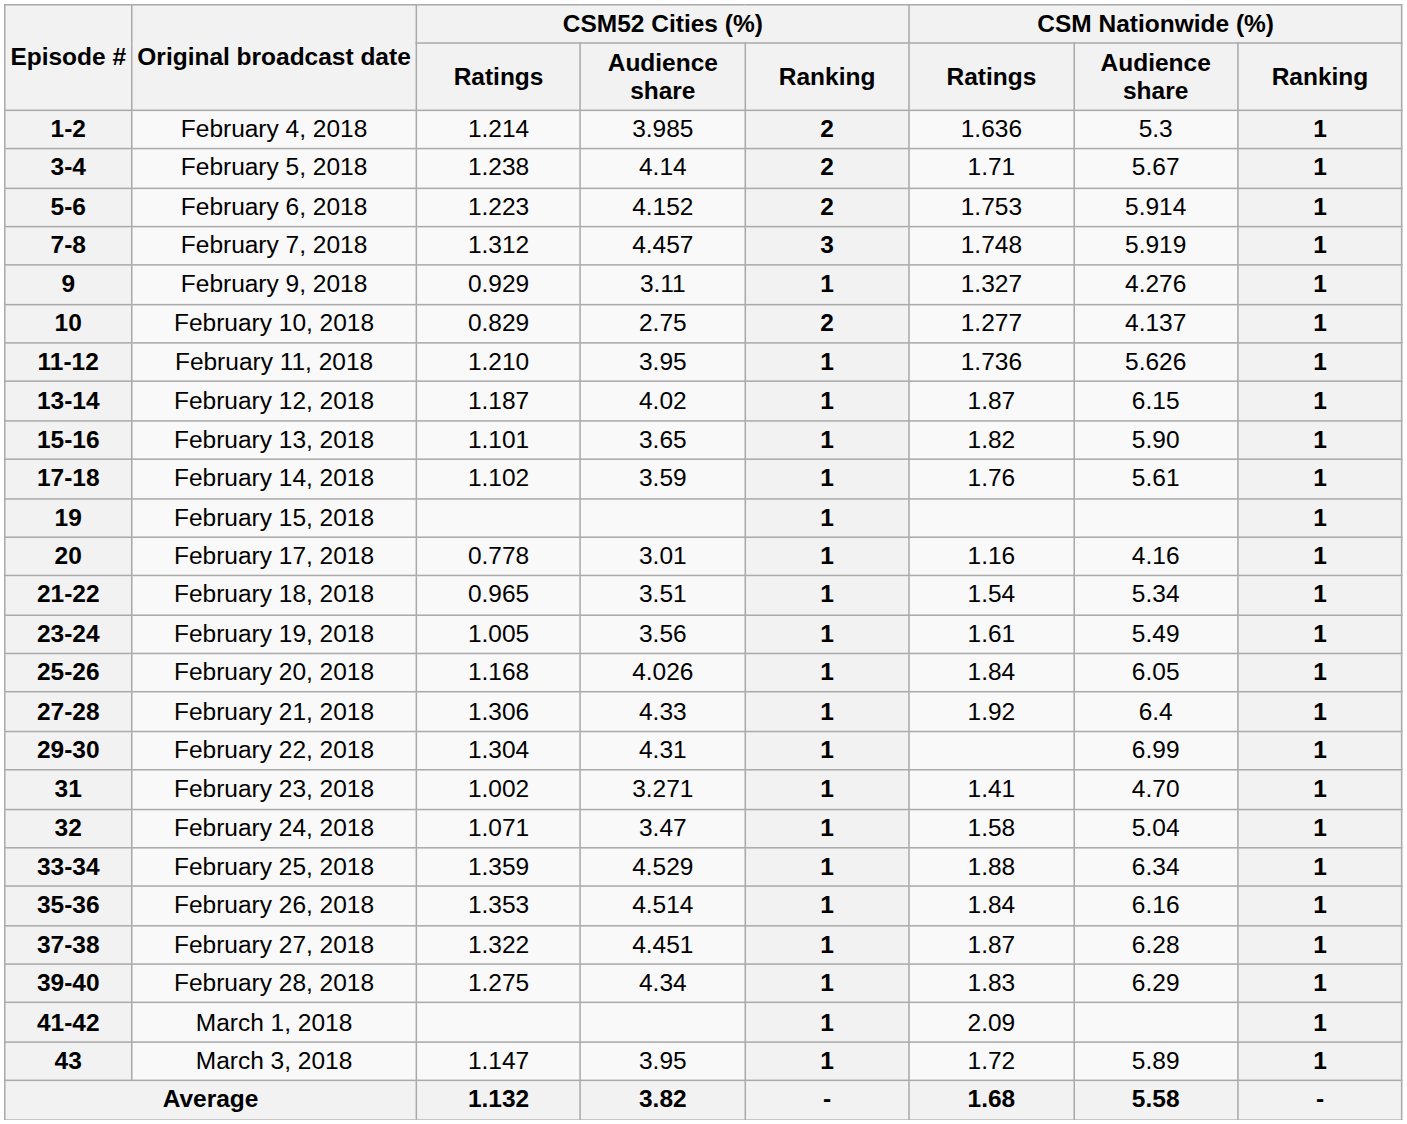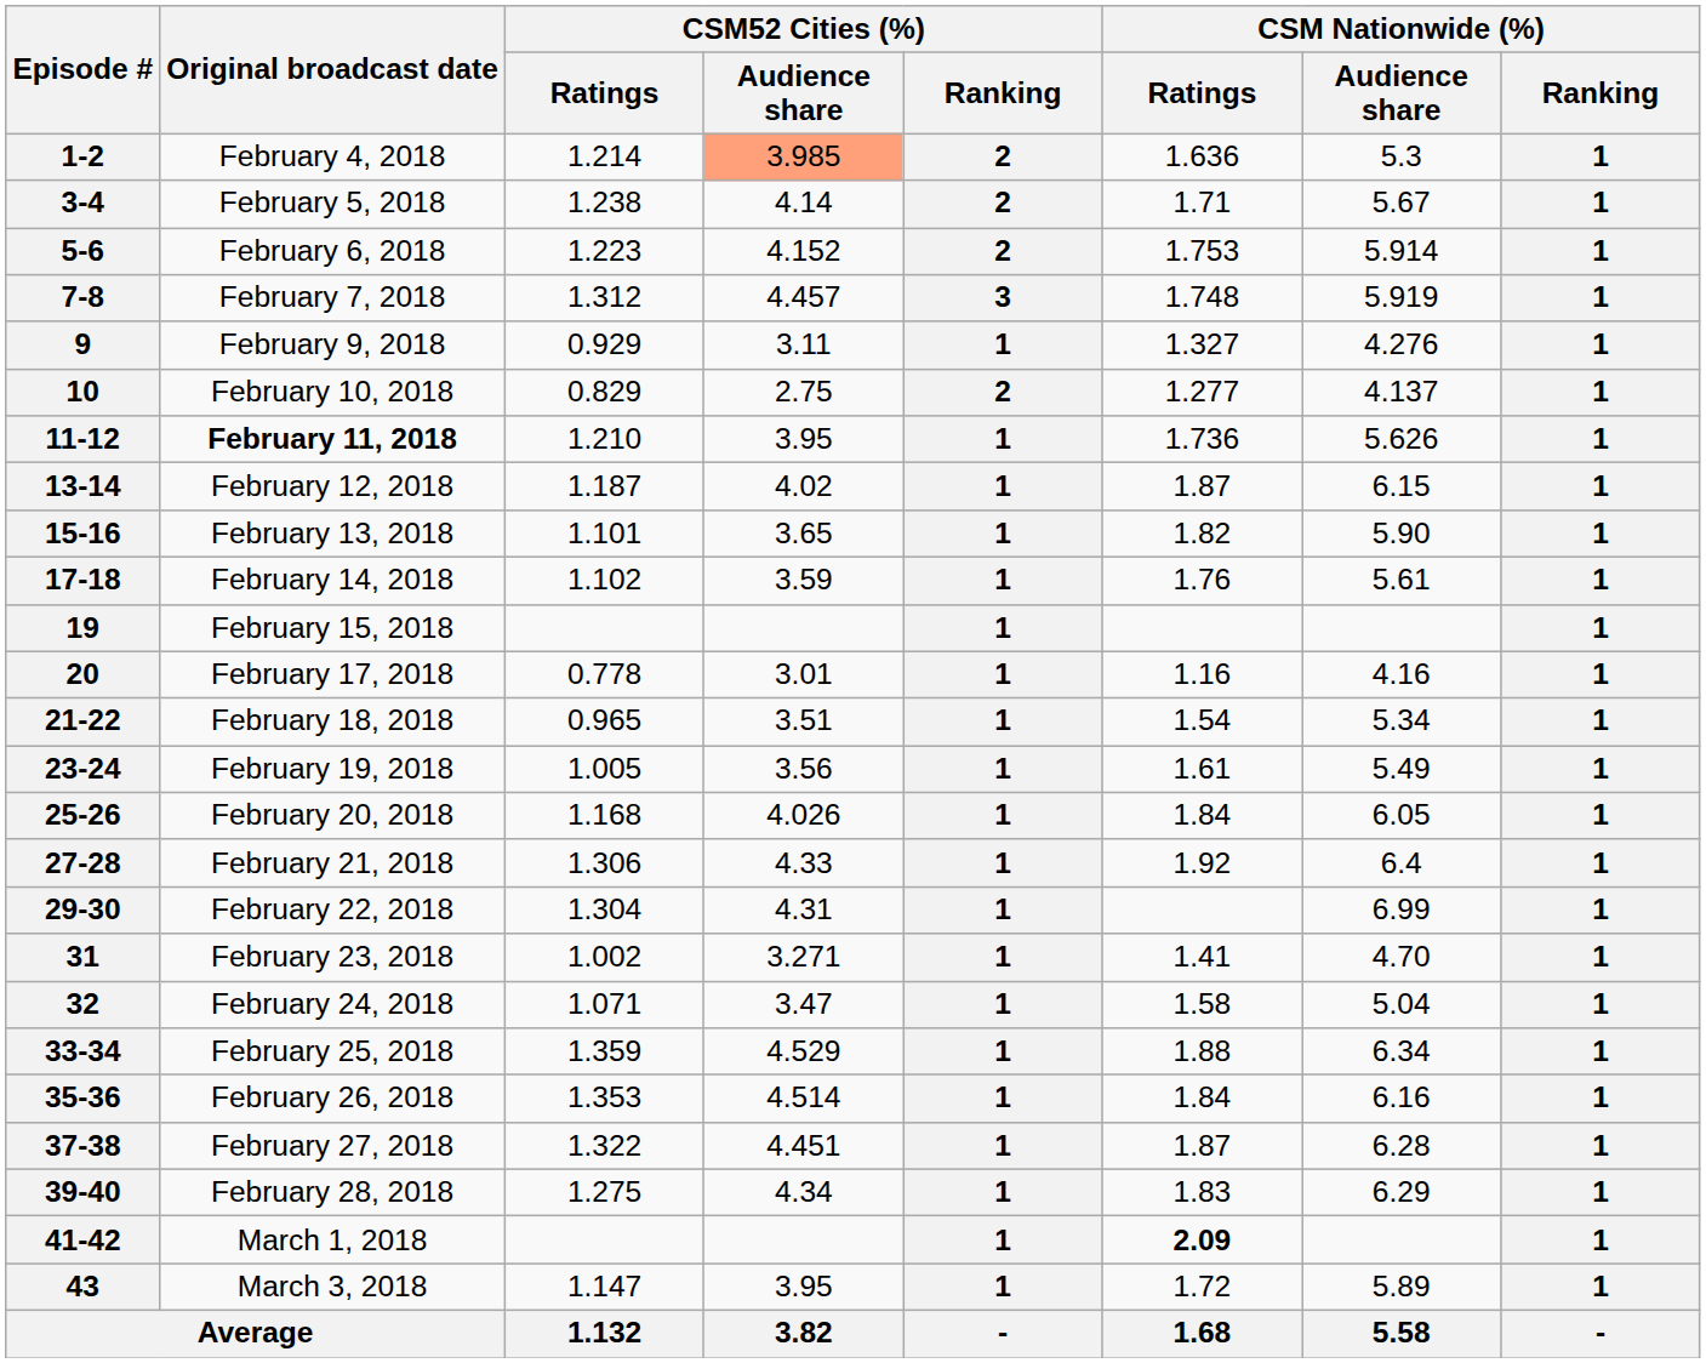 <table class="wikitable" style="text-align:center">
 <tr>
 <th rowspan="2">Episode #</th>
 <th rowspan="2">Original broadcast date</th>
 <th colspan="3">CSM52 Cities (%)</th>
 <th colspan="3">CSM Nationwide (%)</th>
 </tr>
 <tr>
 <th width="100">Ratings</th>
 <th width="100">Audience share</th>
 <th width="100">Ranking</th>
 <th width="100">Ratings</th>
 <th width="100">Audience share</th>
 <th width="100">Ranking</th>
 </tr>
 <tr>
 <th>1-2</th>
 <td>February 4, 2018</td>
 <td>1.214</td>
-<td>3.985</td>
+<td style="background: lightsalmon;">3.985</td>
 <th>2 </th>
 <td>1.636</td>
 <td>5.3</td>
 <th>1 </th>
 </tr>
 <tr>
 <th>3-4</th>
 <td>February 5, 2018</td>
 <td>1.238</td>
 <td>4.14</td>
 <th>2 </th>
 <td>1.71</td>
 <td>5.67</td>
 <th>1 </th>
 </tr>
 <tr>
 <th>5-6</th>
 <td>February 6, 2018</td>
 <td>1.223</td>
 <td>4.152</td>
 <th>2 </th>
 <td>1.753</td>
 <td>5.914</td>
 <th>1 </th>
 </tr>
 <tr>
 <th>7-8</th>
 <td>February 7, 2018</td>
 <td>1.312</td>
 <td>4.457</td>
 <th>3 </th>
 <td>1.748</td>
 <td>5.919</td>
 <th>1 </th>
 </tr>
 <tr>
 <th>9</th>
 <td>February 9, 2018</td>
 <td>0.929</td>
 <td>3.11</td>
 <th>1 </th>
 <td>1.327</td>
 <td>4.276</td>
 <th>1 </th>
 </tr>
 <tr>
 <th>10</th>
 <td>February 10, 2018</td>
 <td>0.829</td>
 <td>2.75</td>
 <th>2 </th>
 <td>1.277</td>
 <td>4.137</td>
 <th>1 </th>
 </tr>
 <tr>
 <th>11-12</th>
-<td>February 11, 2018</td>
+<td><strong>February 11, 2018</strong></td>
 <td>1.210</td>
 <td>3.95</td>
 <th>1 </th>
 <td>1.736</td>
 <td>5.626</td>
 <th>1 </th>
 </tr>
 <tr>
 <th>13-14</th>
 <td>February 12, 2018</td>
 <td>1.187</td>
 <td>4.02</td>
 <th>1 </th>
 <td>1.87</td>
 <td>6.15</td>
 <th>1</th>
 </tr>
 <tr>
 <th>15-16</th>
 <td>February 13, 2018</td>
 <td>1.101</td>
 <td>3.65</td>
 <th>1 </th>
 <td>1.82</td>
 <td>5.90</td>
 <th>1</th>
 </tr>
 <tr>
 <th>17-18</th>
 <td>February 14, 2018</td>
 <td>1.102</td>
 <td>3.59</td>
 <th>1 </th>
 <td>1.76</td>
 <td>5.61</td>
 <th>1</th>
 </tr>
 <tr>
 <th>19</th>
 <td>February 15, 2018</td>
 <td></td>
 <td></td>
 <th>1 </th>
 <td></td>
 <td></td>
 <th>1</th>
 </tr>
 <tr>
 <th>20</th>
 <td>February 17, 2018</td>
 <td>0.778</td>
 <td>3.01</td>
 <th>1 </th>
 <td>1.16</td>
 <td>4.16</td>
 <th>1</th>
 </tr>
 <tr>
 <th>21-22</th>
 <td>February 18, 2018</td>
 <td>0.965</td>
 <td>3.51</td>
 <th>1 </th>
 <td>1.54</td>
 <td>5.34</td>
 <th>1</th>
 </tr>
 <tr>
 <th>23-24</th>
 <td>February 19, 2018</td>
 <td>1.005</td>
 <td>3.56</td>
 <th>1 </th>
 <td>1.61</td>
 <td>5.49</td>
 <th>1</th>
 </tr>
 <tr>
 <th>25-26</th>
 <td>February 20, 2018</td>
 <td>1.168</td>
 <td>4.026</td>
 <th>1 </th>
 <td>1.84</td>
 <td>6.05</td>
 <th>1</th>
 </tr>
 <tr>
 <th>27-28</th>
 <td>February 21, 2018</td>
 <td>1.306</td>
 <td>4.33</td>
 <th>1 </th>
 <td>1.92</td>
 <td>6.4</td>
 <th>1</th>
 </tr>
 <tr>
 <th>29-30</th>
 <td>February 22, 2018</td>
 <td>1.304</td>
 <td>4.31</td>
 <th>1 </th>
 <td></td>
 <td>6.99</td>
 <th>1</th>
 </tr>
 <tr>
 <th>31</th>
 <td>February 23, 2018</td>
 <td>1.002</td>
 <td>3.271</td>
 <th>1 </th>
 <td>1.41</td>
 <td>4.70</td>
 <th>1</th>
 </tr>
 <tr>
 <th>32</th>
 <td>February 24, 2018</td>
 <td>1.071</td>
 <td>3.47</td>
 <th>1 </th>
 <td>1.58</td>
 <td>5.04</td>
 <th>1</th>
 </tr>
 <tr>
 <th>33-34</th>
 <td>February 25, 2018</td>
 <td>1.359</td>
 <td>4.529</td>
 <th>1 </th>
 <td>1.88</td>
 <td>6.34</td>
 <th>1</th>
 </tr>
 <tr>
 <th>35-36</th>
 <td>February 26, 2018</td>
 <td>1.353</td>
 <td>4.514</td>
 <th>1 </th>
 <td>1.84</td>
 <td>6.16</td>
 <th>1</th>
 </tr>
 <tr>
 <th>37-38</th>
 <td>February 27, 2018</td>
 <td>1.322</td>
 <td>4.451</td>
 <th>1 </th>
 <td>1.87</td>
 <td>6.28</td>
 <th>1</th>
 </tr>
 <tr>
 <th>39-40</th>
 <td>February 28, 2018</td>
 <td>1.275</td>
 <td>4.34</td>
 <th>1 </th>
 <td>1.83</td>
 <td>6.29</td>
 <th>1</th>
 </tr>
 <tr>
 <th>41-42</th>
 <td>March 1, 2018</td>
 <td></td>
 <td></td>
 <th>1 </th>
-<td>2.09</td>
+<td><strong>2.09</strong></td>
 <td></td>
 <th>1</th>
 </tr>
 <tr>
 <th>43</th>
 <td>March 3, 2018</td>
 <td>1.147</td>
 <td>3.95</td>
 <th>1 </th>
 <td>1.72</td>
 <td>5.89</td>
 <th>1</th>
 </tr>
 <tr>
 <th colspan="2">Average</th>
 <th>1.132</th>
 <th>3.82</th>
 <th>-</th>
 <th>1.68</th>
 <th>5.58</th>
 <th>-</th>
 </tr>
 </table>
